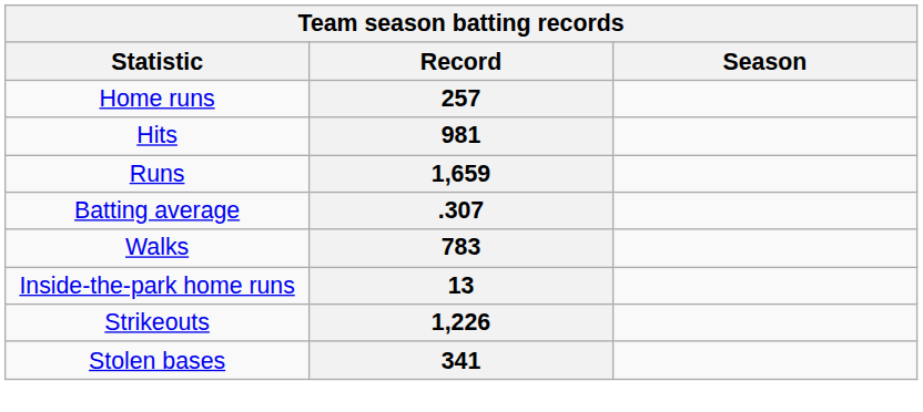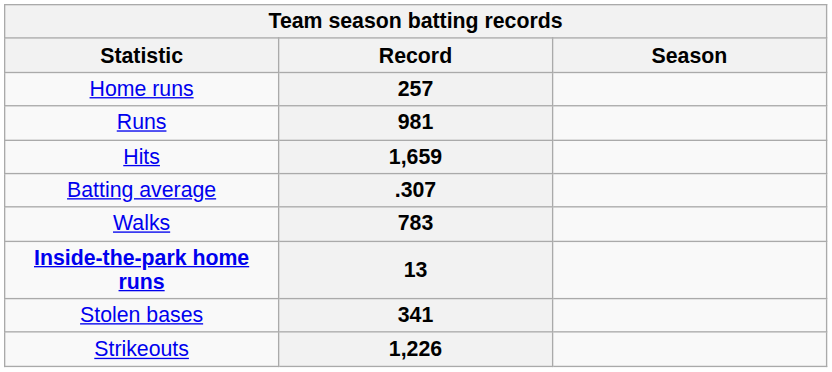 <table class="wikitable" style="text-align:center" width="70%">
 <tr>
 <th colspan=3>Team season batting records</th>
 </tr>
 <tr>
 <th scope="col" width=20%>Statistic</th>
 <th scope="col" class="unsortable" width=20%>Record</th>
 <th scope="col" width=20%>Season</th>
 </tr>
 <tr>
 <td><a href='#'>Home runs</a></td>
 <th scope="row">257</th>
 <td></td>
 </tr>
 <tr>
-<td><a href='#'>Hits</a></td>
+<td><a href='#'>Runs</a></td>
 <th scope="row">981</th>
 <td></td>
 </tr>
 <tr>
-<td><a href='#'>Runs</a></td>
+<td><a href='#'>Hits</a></td>
 <th scope="row">1,659</th>
 <td></td>
 </tr>
 <tr>
 <td><a href='#'>Batting average</a></td>
 <th scope="row">.307</th>
 <td></td>
 </tr>
 <tr>
 <td><a href='#'>Walks</a></td>
 <th scope="row">783</th>
 <td></td>
 </tr>
 <tr>
-<td><a href='#'>Inside-the-park home runs</a></td>
+<td><strong><a href='#'>Inside-the-park home runs</a></strong></td>
 <th scope="row">13</th>
+<td></td>
+</tr>
+<tr>
+<td><a href='#'>Stolen bases</a></td>
+<th scope="row">341</th>
 <td></td>
 </tr>
 <tr>
 <td><a href='#'>Strikeouts</a></td>
 <th scope="row">1,226</th>
 <td></td>
 </tr>
-<tr>
-<td><a href='#'>Stolen bases</a></td>
-<th scope="row">341</th>
-<td></td>
-</tr>
 </table>
